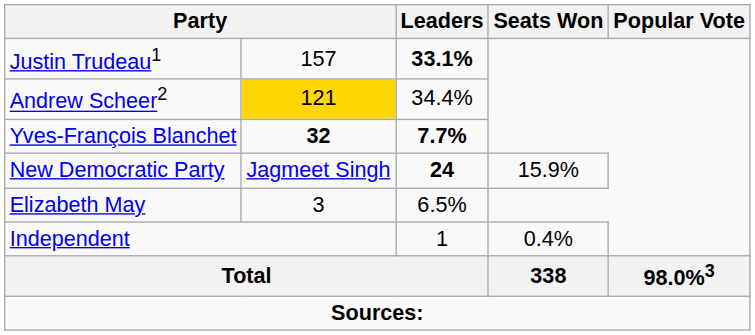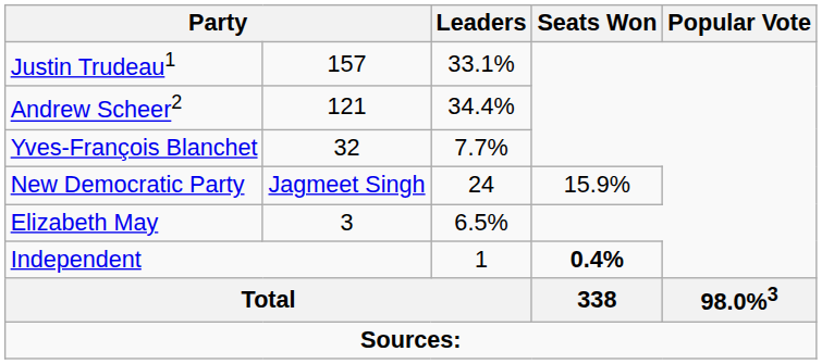 <table class="wikitable">
 <tr>
 <th colspan="2">Party</th>
 <th>Leaders</th>
 <th>Seats Won</th>
 <th>Popular Vote</th>
 </tr>
 <tr>
 <td><a href='#'>Justin Trudeau</a><sup>1</sup></td>
 <td align=center>157</td>
-<td align=center><strong>33.1%</strong></td>
+<td align=center>33.1%</td>
 </tr>
 <tr>
 <td><a href='#'>Andrew Scheer</a><sup>2</sup></td>
-<td align=center style="background: gold;">121</td>
+<td align=center>121</td>
 <td align=center>34.4%</td>
 </tr>
 <tr>
 <td><a href='#'>Yves-François Blanchet</a></td>
-<td align=center><strong>32</strong></td>
-<td align=center><strong>7.7%</strong></td>
+<td align=center>32</td>
+<td align=center>7.7%</td>
 </tr>
 <tr>
 <td><a href='#'>New Democratic Party</a></td>
 <td><a href='#'>Jagmeet Singh</a></td>
-<td align=center><strong>24</strong></td>
+<td align=center>24</td>
 <td align=center>15.9%</td>
 </tr>
 <tr>
 <td><a href='#'>Elizabeth May</a></td>
 <td align=center>3</td>
 <td align=center>6.5%</td>
 </tr>
 <tr>
 <td colspan = "2"><a href='#'>Independent</a></td>
 <td align=center>1</td>
-<td align=center>0.4%</td>
+<td align=center><strong>0.4%</strong></td>
 </tr>
 <tr>
 <th colspan=3>Total</th>
 <th>338</th>
 <th>98.0%<sup>3</sup></th>
 </tr>
 <tr>
 <td align="center" colspan=5><strong>Sources:</strong> </td>
 </tr>
 </table>
